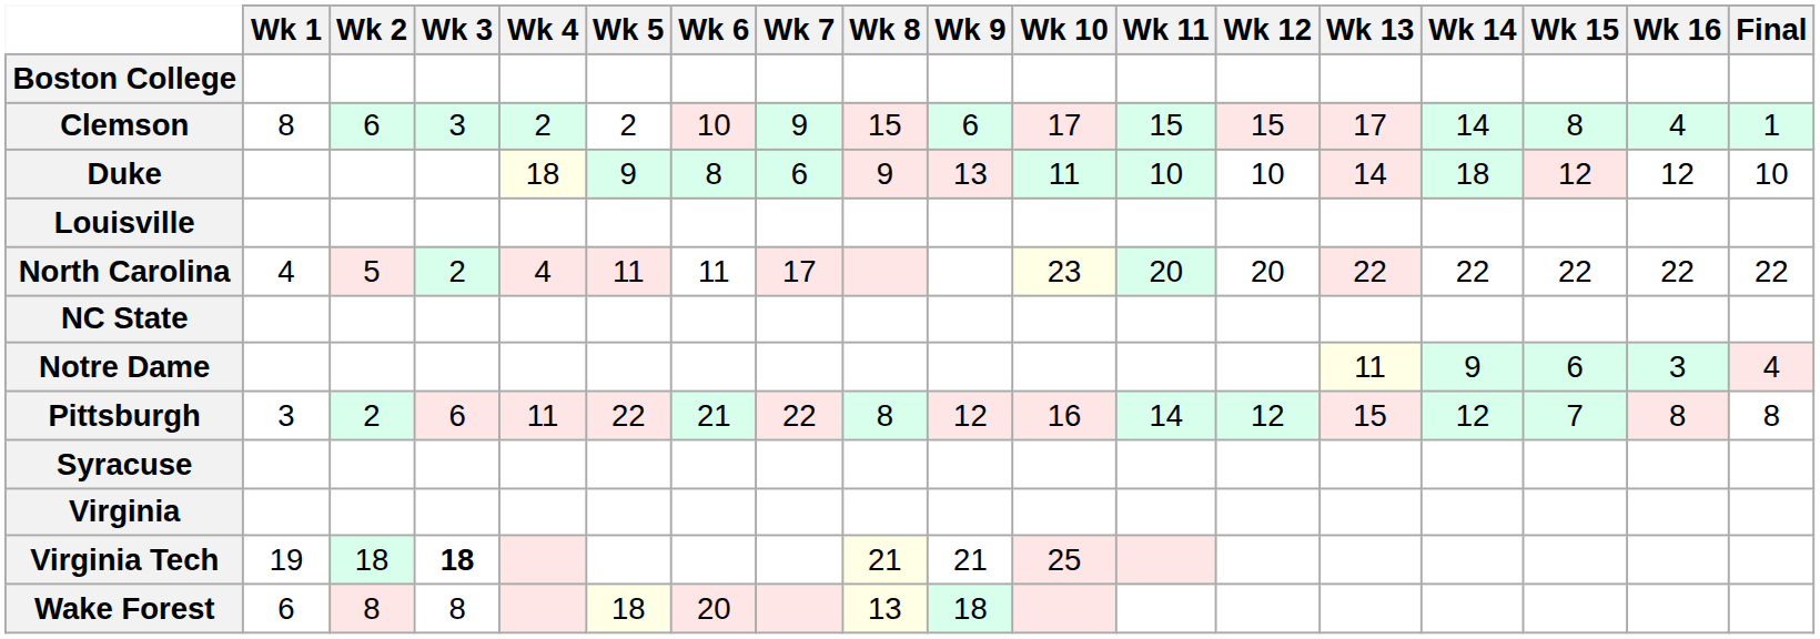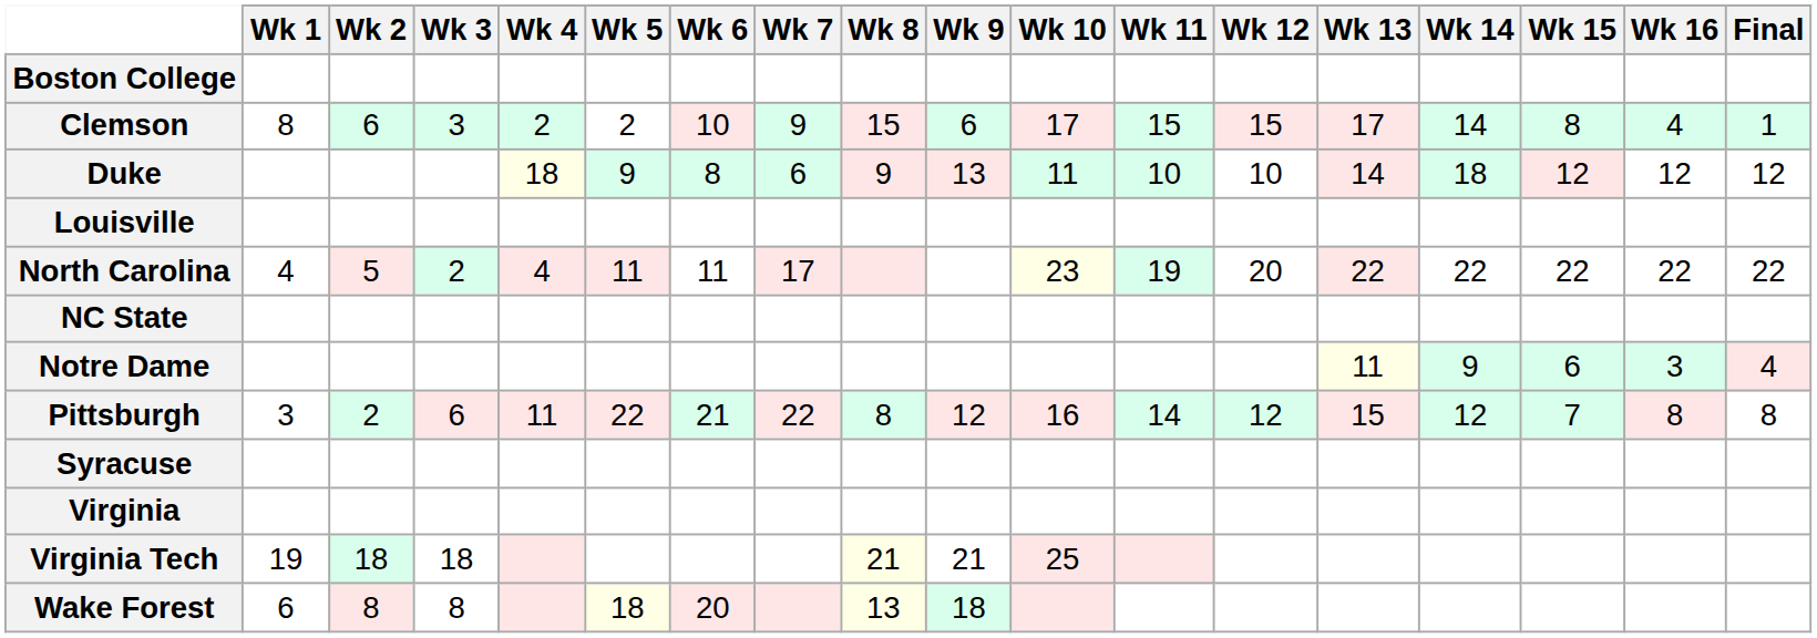 <table class="wikitable" style="white-space:nowrap;font-size:90%;">
 <tr>
 <th colspan=1 style="background:white; border-top-style:hidden; border-left-style:hidden;"> </th>
 <th>Wk 1 <br></th>
 <th>Wk 2 <br></th>
 <th>Wk 3 <br></th>
 <th>Wk 4 <br></th>
 <th>Wk 5 <br></th>
 <th>Wk 6 <br></th>
 <th>Wk 7 <br></th>
 <th>Wk 8 <br></th>
 <th>Wk 9 <br></th>
 <th>Wk 10 <br></th>
 <th>Wk 11 <br></th>
 <th>Wk 12 <br></th>
 <th>Wk 13 <br></th>
 <th>Wk 14 <br></th>
 <th>Wk 15 <br></th>
 <th>Wk 16 <br></th>
 <th>Final <br></th>
 </tr>
 <tr style="text-align:center;">
 <th>Boston College</th>
 <td style="background:#FFF;"></td>
 <td style="background:#FFF;"></td>
 <td style="background:#FFF;"></td>
 <td style="background:#FFF;"></td>
 <td style="background:#FFF;"></td>
 <td style="background:#FFF;"></td>
 <td style="background:#FFF;"></td>
 <td style="background:#FFF;"></td>
 <td style="background:#FFF;"></td>
 <td style="background:#FFF;"></td>
 <td style="background:#FFF;"></td>
 <td style="background:#FFF;"></td>
 <td style="background:#FFF;"></td>
 <td style="background:#FFF;"></td>
 <td style="background:#FFF;"></td>
 <td style="background:#FFF;"></td>
 <td style="background:#FFF;"></td>
 </tr>
 <tr style="text-align:center;">
 <th>Clemson</th>
 <td style="background:#FFF;"> 8</td>
 <td style="background:#D8FFEB;"> 6</td>
 <td style="background:#D8FFEB;"> 3</td>
 <td style="background:#D8FFEB;"> 2</td>
 <td style="background:#FFF;"> 2</td>
 <td style="background:#FFE6E6;"> 10</td>
 <td style="background:#D8FFEB;"> 9</td>
 <td style="background:#FFE6E6;"> 15</td>
 <td style="background:#D8FFEB;"> 6</td>
 <td style="background:#FFE6E6;"> 17</td>
 <td style="background:#D8FFEB;"> 15</td>
 <td style="background:#FFE6E6;"> 15</td>
 <td style="background:#FFE6E6;"> 17</td>
 <td style="background:#D8FFEB;"> 14</td>
 <td style="background:#D8FFEB;"> 8</td>
 <td style="background:#D8FFEB;"> 4</td>
 <td style="background:#D8FFEB;"> 1</td>
 </tr>
 <tr style="text-align:center;">
 <th>Duke</th>
 <td style="background:#FFF;"></td>
 <td style="background:#FFF;"></td>
 <td style="background:#FFF;"></td>
 <td style="background:#FFFFE6;"> 18</td>
 <td style="background:#D8FFEB;"> 9</td>
 <td style="background:#D8FFEB;"> 8</td>
 <td style="background:#D8FFEB;"> 6</td>
 <td style="background:#FFE6E6;"> 9</td>
 <td style="background:#FFE6E6;"> 13</td>
 <td style="background:#D8FFEB;"> 11</td>
 <td style="background:#D8FFEB;"> 10</td>
 <td style="background:#FFF;"> 10</td>
 <td style="background:#FFE6E6;"> 14</td>
 <td style="background:#D8FFEB;"> 18</td>
 <td style="background:#FFE6E6;"> 12</td>
 <td style="background:#FFF;"> 12</td>
-<td style="background:#FFF;"> 10</td>
+<td style="background:#FFF;"> 12</td>
 </tr>
 <tr style="text-align:center;">
 <th>Louisville</th>
 <td style="background:#FFF;"></td>
 <td style="background:#FFF;"></td>
 <td style="background:#FFF;"></td>
 <td style="background:#FFF;"></td>
 <td style="background:#FFF;"></td>
 <td style="background:#FFF;"></td>
 <td style="background:#FFF;"></td>
 <td style="background:#FFF;"></td>
 <td style="background:#FFF;"></td>
 <td style="background:#FFF;"></td>
 <td style="background:#FFF;"></td>
 <td style="background:#FFF;"></td>
 <td style="background:#FFF;"></td>
 <td style="background:#FFF;"></td>
 <td style="background:#FFF;"></td>
 <td style="background:#FFF;"></td>
 <td style="background:#FFF;"></td>
 </tr>
 <tr style="text-align:center;">
 <th>North Carolina</th>
 <td style="background:#FFF;"> 4</td>
 <td style="background:#FFE6E6;"> 5</td>
 <td style="background:#D8FFEB;"> 2</td>
 <td style="background:#FFE6E6;"> 4</td>
 <td style="background:#FFE6E6;"> 11</td>
 <td style="background:#FFF;"> 11</td>
 <td style="background:#FFE6E6;"> 17</td>
 <td style="background:#FFE6E6;"></td>
 <td style="background:#FFF;"></td>
 <td style="background:#FFFFE6;"> 23</td>
-<td style="background:#D8FFEB;"> 20</td>
+<td style="background:#D8FFEB;"> 19</td>
 <td style="background:#FFF;"> 20</td>
 <td style="background:#FFE6E6;"> 22</td>
 <td style="background:#FFF;"> 22</td>
 <td style="background:#FFF;"> 22</td>
 <td style="background:#FFF;"> 22</td>
 <td style="background:#FFF;"> 22</td>
 </tr>
 <tr style="text-align:center;">
 <th>NC State</th>
 <td style="background:#FFF;"></td>
 <td style="background:#FFF;"></td>
 <td style="background:#FFF;"></td>
 <td style="background:#FFF;"></td>
 <td style="background:#FFF;"></td>
 <td style="background:#FFF;"></td>
 <td style="background:#FFF;"></td>
 <td style="background:#FFF;"></td>
 <td style="background:#FFF;"></td>
 <td style="background:#FFF;"></td>
 <td style="background:#FFF;"></td>
 <td style="background:#FFF;"></td>
 <td style="background:#FFF;"></td>
 <td style="background:#FFF;"></td>
 <td style="background:#FFF;"></td>
 <td style="background:#FFF;"></td>
 <td style="background:#FFF;"></td>
 </tr>
 <tr style="text-align:center;">
 <th>Notre Dame</th>
 <td style="background:#FFF;"></td>
 <td style="background:#FFF;"></td>
 <td style="background:#FFF;"></td>
 <td style="background:#FFF;"></td>
 <td style="background:#FFF;"></td>
 <td style="background:#FFF;"></td>
 <td style="background:#FFF;"></td>
 <td style="background:#FFF;"></td>
 <td style="background:#FFF;"></td>
 <td style="background:#FFF;"></td>
 <td style="background:#FFF;"></td>
 <td style="background:#FFF;"></td>
 <td style="background:#FFFFE6;"> 11</td>
 <td style="background:#D8FFEB;"> 9</td>
 <td style="background:#D8FFEB;"> 6</td>
 <td style="background:#D8FFEB;"> 3</td>
 <td style="background:#FFE6E6;"> 4</td>
 </tr>
 <tr style="text-align:center;">
 <th>Pittsburgh</th>
 <td style="background:#FFF;"> 3</td>
 <td style="background:#D8FFEB;"> 2</td>
 <td style="background:#FFE6E6;"> 6</td>
 <td style="background:#FFE6E6;"> 11</td>
 <td style="background:#FFE6E6;"> 22</td>
 <td style="background:#D8FFEB;"> 21</td>
 <td style="background:#FFE6E6;"> 22</td>
 <td style="background:#D8FFEB;"> 8</td>
 <td style="background:#FFE6E6;"> 12</td>
 <td style="background:#FFE6E6;"> 16</td>
 <td style="background:#D8FFEB;"> 14</td>
 <td style="background:#D8FFEB;"> 12</td>
 <td style="background:#FFE6E6;"> 15</td>
 <td style="background:#D8FFEB;"> 12</td>
 <td style="background:#D8FFEB;"> 7</td>
 <td style="background:#FFE6E6;"> 8</td>
 <td style="background:#FFF;"> 8</td>
 </tr>
 <tr style="text-align:center;">
 <th>Syracuse</th>
 <td style="background:#FFF;"></td>
 <td style="background:#FFF;"></td>
 <td style="background:#FFF;"></td>
 <td style="background:#FFF;"></td>
 <td style="background:#FFF;"></td>
 <td style="background:#FFF;"></td>
 <td style="background:#FFF;"></td>
 <td style="background:#FFF;"></td>
 <td style="background:#FFF;"></td>
 <td style="background:#FFF;"></td>
 <td style="background:#FFF;"></td>
 <td style="background:#FFF;"></td>
 <td style="background:#FFF;"></td>
 <td style="background:#FFF;"></td>
 <td style="background:#FFF;"></td>
 <td style="background:#FFF;"></td>
 <td style="background:#FFF;"></td>
 </tr>
 <tr style="text-align:center;">
 <th>Virginia</th>
 <td style="background:#FFF;"></td>
 <td style="background:#FFF;"></td>
 <td style="background:#FFF;"></td>
 <td style="background:#FFF;"></td>
 <td style="background:#FFF;"></td>
 <td style="background:#FFF;"></td>
 <td style="background:#FFF;"></td>
 <td style="background:#FFF;"></td>
 <td style="background:#FFF;"></td>
 <td style="background:#FFF;"></td>
 <td style="background:#FFF;"></td>
 <td style="background:#FFF;"></td>
 <td style="background:#FFF;"></td>
 <td style="background:#FFF;"></td>
 <td style="background:#FFF;"></td>
 <td style="background:#FFF;"></td>
 <td style="background:#FFF;"></td>
 </tr>
 <tr style="text-align:center;">
 <th>Virginia Tech</th>
 <td style="background:#FFF;"> 19</td>
 <td style="background:#D8FFEB;"> 18</td>
-<td style="background:#FFF;"><strong> 18</strong></td>
+<td style="background:#FFF;"> 18</td>
 <td style="background:#FFE6E6;"></td>
 <td style="background:#FFF;"></td>
 <td style="background:#FFF;"></td>
 <td style="background:#FFF;"></td>
 <td style="background:#FFFFE6;"> 21</td>
 <td style="background:#FFF;"> 21</td>
 <td style="background:#FFE6E6;"> 25</td>
 <td style="background:#FFE6E6;"></td>
 <td style="background:#FFF;"></td>
 <td style="background:#FFF;"></td>
 <td style="background:#FFF;"></td>
 <td style="background:#FFF;"></td>
 <td style="background:#FFF;"></td>
 <td style="background:#FFF;"></td>
 </tr>
 <tr style="text-align:center;">
 <th>Wake Forest</th>
 <td style="background:#FFF;"> 6</td>
 <td style="background:#FFE6E6;"> 8</td>
 <td style="background:#FFF;"> 8</td>
 <td style="background:#FFE6E6;"></td>
 <td style="background:#FFFFE6;"> 18</td>
 <td style="background:#FFE6E6;"> 20</td>
 <td style="background:#FFE6E6;"></td>
 <td style="background:#FFFFE6;"> 13</td>
 <td style="background:#D8FFEB;"> 18</td>
 <td style="background:#FFE6E6;"></td>
 <td style="background:#FFF;"></td>
 <td style="background:#FFF;"></td>
 <td style="background:#FFF;"></td>
 <td style="background:#FFF;"></td>
 <td style="background:#FFF;"></td>
 <td style="background:#FFF;"></td>
 <td style="background:#FFF;"></td>
 </tr>
 </table>
